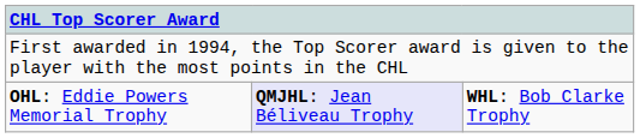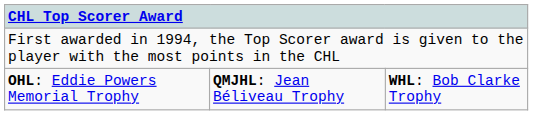 <table class="wikitable" width="75%">
 <tr style="font-weight:bold; background-color:#ccdddd;" |>
 <td colspan="3"><a href='#'>CHL Top Scorer Award</a></td>
 </tr>
 <tr>
 <td colspan="3">First awarded in 1994, the Top Scorer award is given to the player with the most points in the CHL</td>
 </tr>
 <tr>
 <td><strong>OHL</strong>: <a href='#'>Eddie Powers Memorial Trophy</a></td>
-<td style="background: lavender;"><strong>QMJHL</strong>: <a href='#'>Jean Béliveau Trophy</a></td>
+<td><strong>QMJHL</strong>: <a href='#'>Jean Béliveau Trophy</a></td>
 <td><strong>WHL</strong>: <a href='#'>Bob Clarke Trophy</a></td>
 </tr>
 </table>
